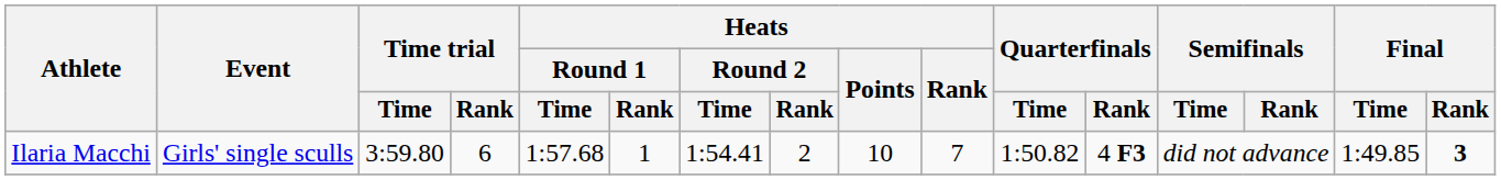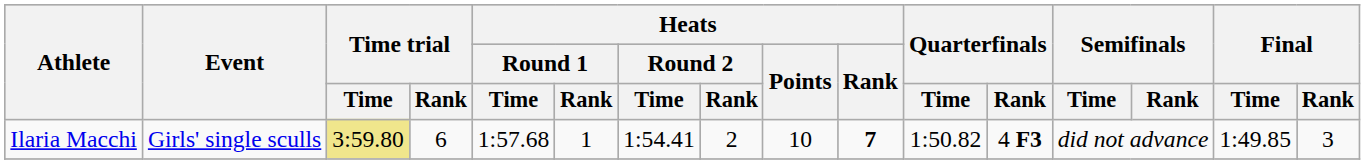 <table class="wikitable" style="font-size:90%">
 <tr>
 <th rowspan="3">Athlete</th>
 <th rowspan="3">Event</th>
 <th colspan="2" rowspan="2">Time trial</th>
 <th colspan="6">Heats</th>
 <th colspan="2" rowspan="2">Quarterfinals</th>
 <th colspan="2" rowspan="2">Semifinals</th>
 <th colspan="2" rowspan="2">Final</th>
 </tr>
 <tr>
 <th colspan="2">Round 1</th>
 <th colspan="2">Round 2</th>
 <th rowspan="2">Points</th>
 <th rowspan="2">Rank</th>
 </tr>
 <tr style="font-size:95%">
 <th>Time</th>
 <th>Rank</th>
 <th>Time</th>
 <th>Rank</th>
 <th>Time</th>
 <th>Rank</th>
 <th>Time</th>
 <th>Rank</th>
 <th>Time</th>
 <th>Rank</th>
 <th>Time</th>
 <th>Rank</th>
 </tr>
 <tr align=center>
 <td align=left><a href='#'>Ilaria Macchi</a></td>
 <td align=left><a href='#'>Girls' single sculls</a></td>
-<td>3:59.80</td>
+<td style="background: khaki;">3:59.80</td>
 <td>6</td>
 <td>1:57.68</td>
 <td>1</td>
 <td>1:54.41</td>
 <td>2</td>
 <td>10</td>
-<td>7</td>
+<td><strong>7</strong></td>
 <td>1:50.82</td>
 <td>4 <strong>F3</strong></td>
 <td Colspan=2><em>did not advance</em></td>
 <td>1:49.85</td>
-<td><strong>3</strong></td>
+<td>3</td>
 </tr>
 </table>
